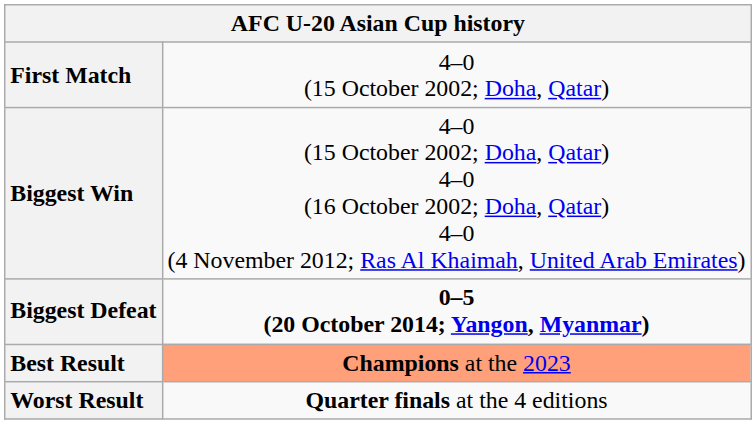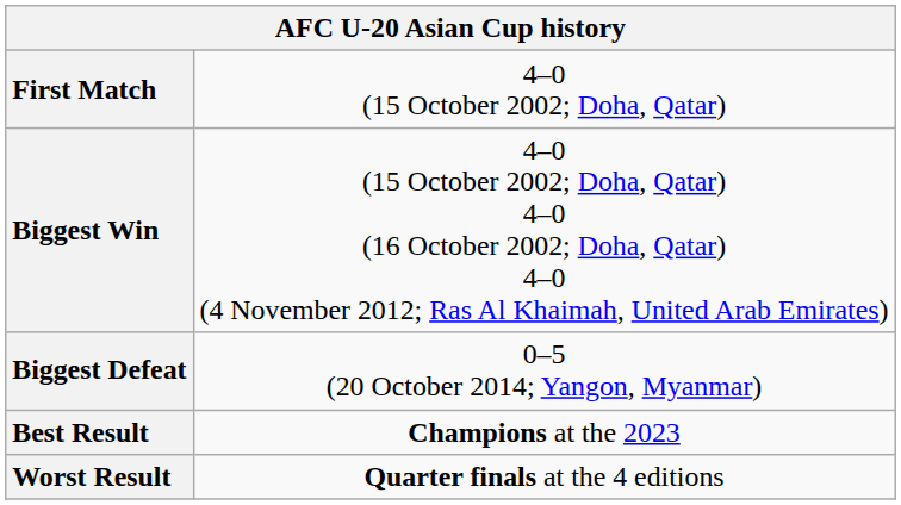 <table class="wikitable" style="text-align: center; font-size:100%">
 <tr>
 <th colspan=6>AFC U-20 Asian Cup history</th>
 </tr>
 <tr>
 <th style="text-align: left;">First Match</th>
 <td style="text-align:center;"> 4–0 <br> (15 October 2002; <a href='#'>Doha</a>, <a href='#'>Qatar</a>)</td>
 </tr>
 <tr>
 <th style="text-align: left;">Biggest Win</th>
 <td style="text-align:center;"> 4–0 <br> (15 October 2002; <a href='#'>Doha</a>, <a href='#'>Qatar</a>)<br>  4–0 <br> (16 October 2002; <a href='#'>Doha</a>, <a href='#'>Qatar</a>)<br>  4–0 <br> (4 November 2012; <a href='#'>Ras Al Khaimah</a>, <a href='#'>United Arab Emirates</a>)</td>
 </tr>
 <tr>
 <th style="text-align: left;">Biggest Defeat</th>
-<td style="text-align:center;"><strong> 0–5 <br> (20 October 2014; <a href='#'>Yangon</a>, <a href='#'>Myanmar</a>)</strong></td>
+<td style="text-align:center;"> 0–5 <br> (20 October 2014; <a href='#'>Yangon</a>, <a href='#'>Myanmar</a>)</td>
 </tr>
 <tr>
 <th style="text-align: left;">Best Result</th>
-<td style="background: lightsalmon; text-align:center;"><strong>Champions</strong> at the <a href='#'>2023</a></td>
+<td style="text-align:center;"><strong>Champions</strong> at the <a href='#'>2023</a></td>
 </tr>
 <tr>
 <th style="text-align: left;">Worst Result</th>
 <td style="text-align:center;"><strong>Quarter finals</strong> at the 4 editions</td>
 </tr>
 </table>
